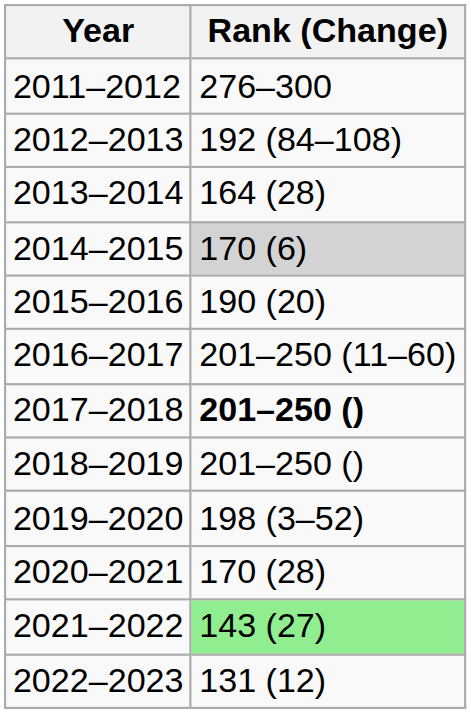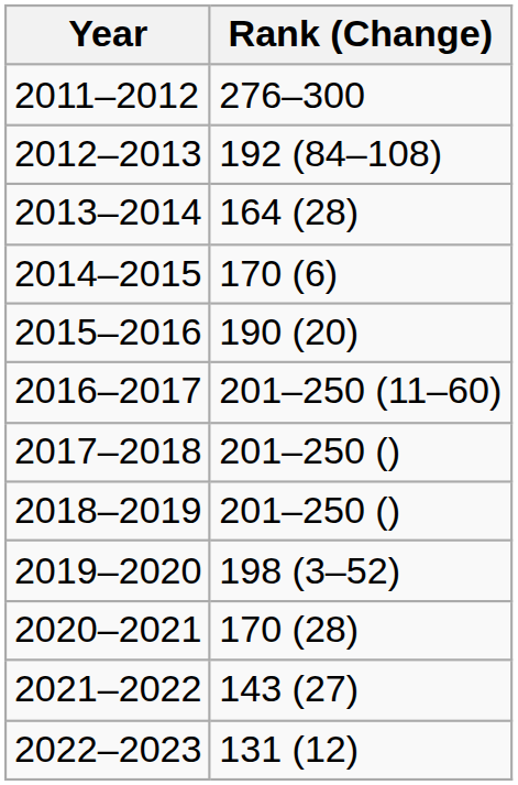 <table class=wikitable>
 <tr>
 <th>Year</th>
 <th>Rank (Change)</th>
 </tr>
 <tr>
 <td>2011–2012</td>
 <td>276–300</td>
 </tr>
 <tr>
 <td>2012–2013</td>
 <td>192 (84–108)</td>
 </tr>
 <tr>
 <td>2013–2014</td>
 <td>164 (28)</td>
 </tr>
 <tr>
 <td>2014–2015</td>
-<td style="background: lightgrey;">170 (6)</td>
+<td>170 (6)</td>
 </tr>
 <tr>
 <td>2015–2016</td>
 <td>190 (20)</td>
 </tr>
 <tr>
 <td>2016–2017</td>
 <td>201–250 (11–60)</td>
 </tr>
 <tr>
 <td>2017–2018</td>
-<td><strong>201–250 ()</strong></td>
+<td>201–250 ()</td>
 </tr>
 <tr>
 <td>2018–2019</td>
 <td>201–250 ()</td>
 </tr>
 <tr>
 <td>2019–2020</td>
 <td>198 (3–52)</td>
 </tr>
 <tr>
 <td>2020–2021</td>
 <td>170 (28)</td>
 </tr>
 <tr>
 <td>2021–2022</td>
-<td style="background: lightgreen;">143 (27)</td>
+<td>143 (27)</td>
 </tr>
 <tr>
 <td>2022–2023</td>
 <td>131 (12)</td>
 </tr>
 </table>
